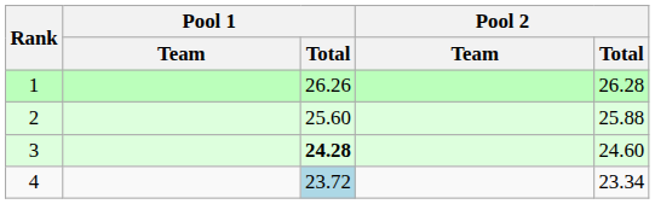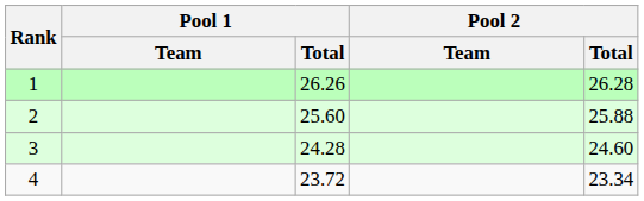 <table class="wikitable" style="text-align:center;">
 <tr>
 <th rowspan=2>Rank</th>
 <th colspan=2>Pool 1</th>
 <th colspan=2>Pool 2</th>
 </tr>
 <tr>
 <th width=180>Team</th>
 <th>Total</th>
 <th width=180>Team</th>
 <th>Total</th>
 </tr>
 <tr bgcolor=bbffbb>
 <td>1</td>
 <td align=left></td>
 <td>26.26</td>
 <td align=left></td>
 <td>26.28</td>
 </tr>
 <tr bgcolor=ddffdd>
 <td>2</td>
 <td align=left></td>
 <td>25.60</td>
 <td align=left></td>
 <td>25.88</td>
 </tr>
 <tr bgcolor=ddffdd>
 <td>3</td>
 <td align=left></td>
-<td><strong>24.28</strong></td>
+<td>24.28</td>
 <td align=left></td>
 <td>24.60</td>
 </tr>
 <tr>
 <td>4</td>
 <td align=left></td>
-<td style="background: lightblue;">23.72</td>
+<td>23.72</td>
 <td align=left></td>
 <td>23.34</td>
 </tr>
 </table>
